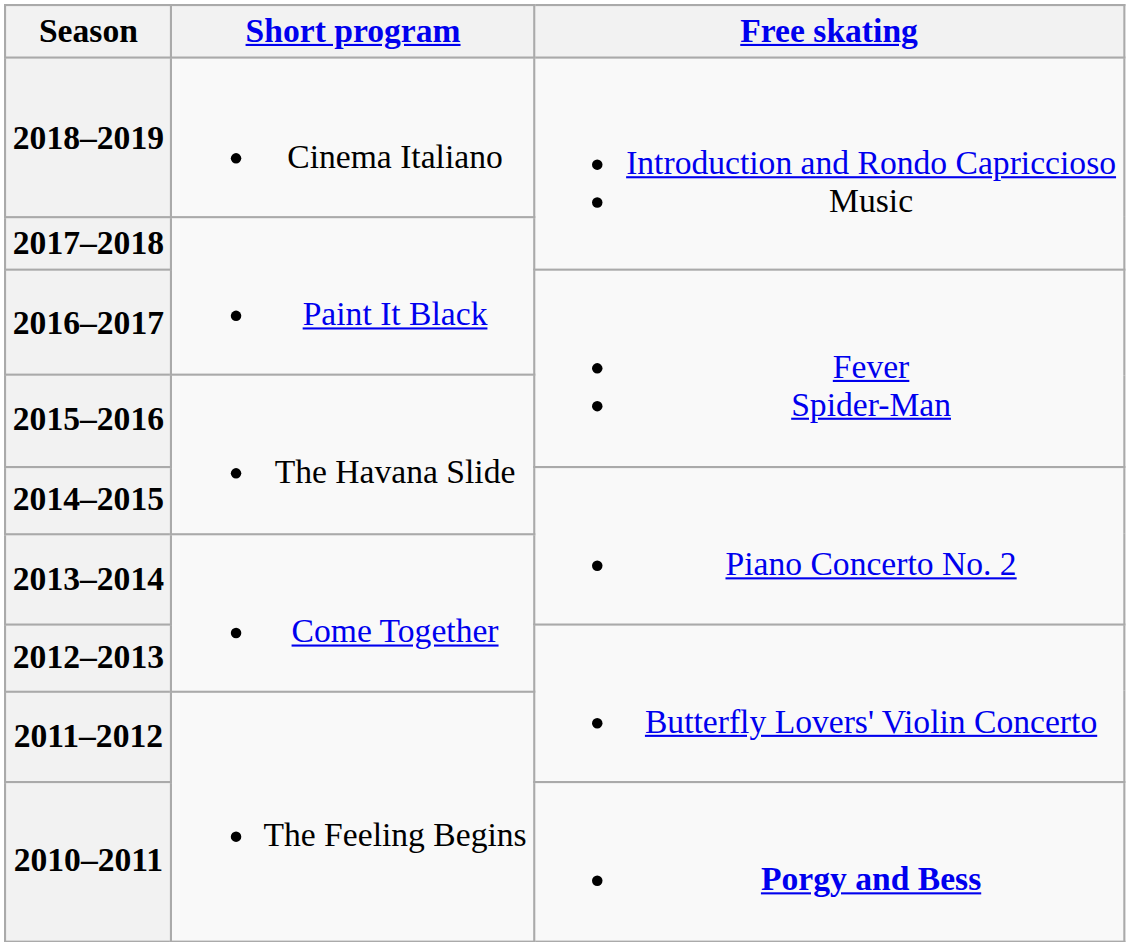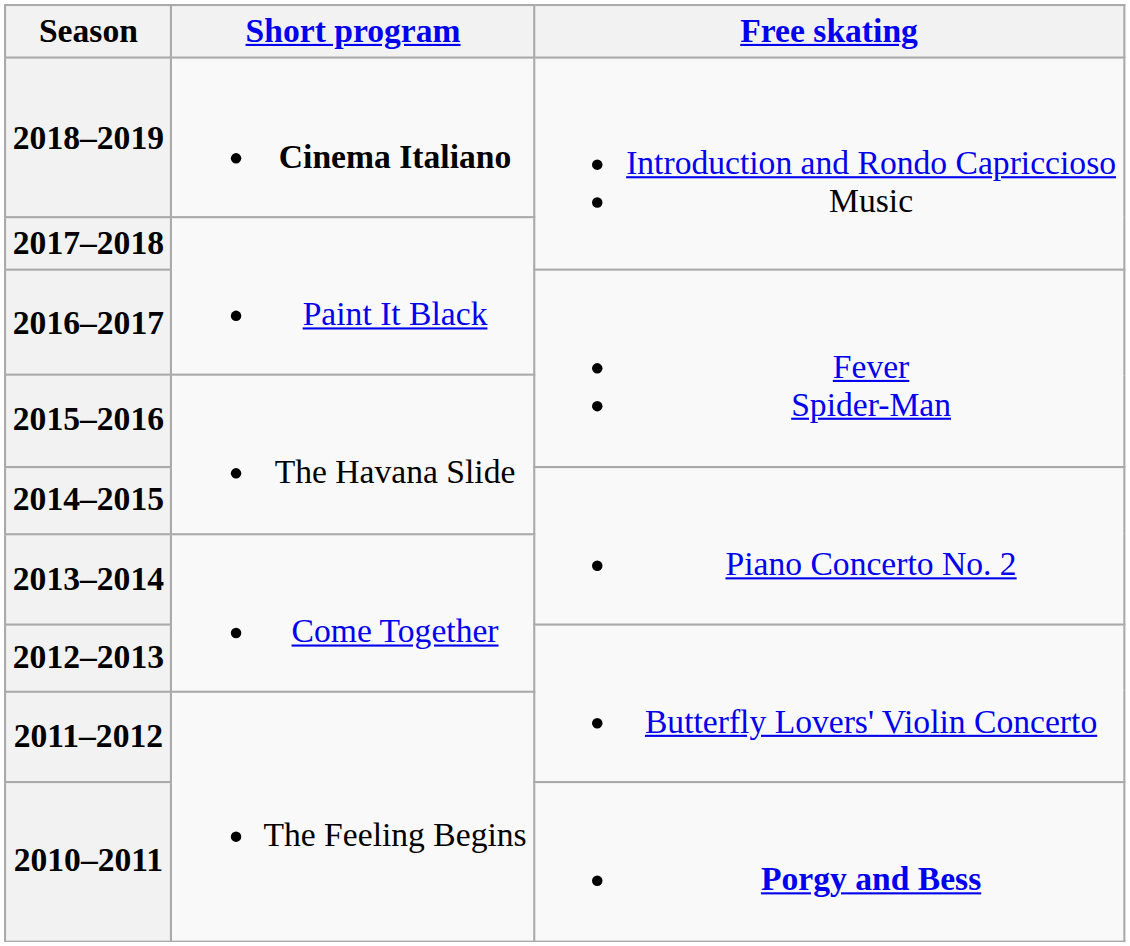 <table class=wikitable style=text-align:center>
 <tr>
 <th>Season</th>
 <th><a href='#'>Short program</a></th>
 <th><a href='#'>Free skating</a></th>
 </tr>
 <tr>
 <th>2018–2019 <br> </th>
-<td><br><ul><li>Cinema Italiano <br></li></ul></td>
+<td><strong><br><ul><li>Cinema Italiano <br></li></ul></strong></td>
 <td rowspan=2><br><ul><li><a href='#'>Introduction and Rondo Capriccioso</a> <br></li><li>Music <br></li></ul></td>
 </tr>
 <tr>
 <th>2017–2018</th>
 <td rowspan=2><br><ul><li><a href='#'>Paint It Black</a> <br></li></ul></td>
 </tr>
 <tr>
 <th>2016–2017</th>
 <td rowspan=2><br><ul><li><a href='#'>Fever</a></li><li><a href='#'>Spider-Man</a> <br></li></ul></td>
 </tr>
 <tr>
 <th>2015–2016 <br> </th>
 <td rowspan=2><br><ul><li>The Havana Slide <br></li></ul></td>
 </tr>
 <tr>
 <th>2014–2015 <br> </th>
 <td rowspan=2><br><ul><li><a href='#'>Piano Concerto No. 2</a> <br></li></ul></td>
 </tr>
 <tr>
 <th>2013–2014</th>
 <td rowspan=2><br><ul><li><a href='#'>Come Together</a> <br></li></ul></td>
 </tr>
 <tr>
 <th>2012–2013 <br> </th>
 <td rowspan=2><br><ul><li><a href='#'>Butterfly Lovers' Violin Concerto</a> <br></li></ul></td>
 </tr>
 <tr>
 <th>2011–2012 <br> </th>
 <td rowspan=2><br><ul><li>The Feeling Begins <br></li></ul></td>
 </tr>
 <tr>
 <th>2010–2011 <br> </th>
 <td><strong><br><ul><li><a href='#'>Porgy and Bess</a> <br></li></ul></strong></td>
 </tr>
 </table>
